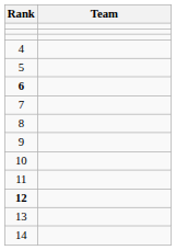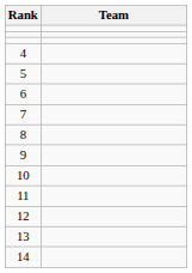 <table class="wikitable" style="text-align:center;">
 <tr>
 <th>Rank</th>
 <th width=175>Team</th>
 </tr>
 <tr>
 <td></td>
 <td align=left></td>
 </tr>
 <tr>
 <td></td>
 <td align=left></td>
 </tr>
 <tr>
 <td></td>
 <td align=left></td>
 </tr>
 <tr>
 <td>4</td>
 <td align=left></td>
 </tr>
 <tr>
 <td>5</td>
 <td align=left></td>
 </tr>
 <tr>
-<td><strong>6</strong></td>
+<td>6</td>
 <td align=left></td>
 </tr>
 <tr>
 <td>7</td>
 <td align=left></td>
 </tr>
 <tr>
 <td>8</td>
 <td align=left></td>
 </tr>
 <tr>
 <td>9</td>
 <td align=left></td>
 </tr>
 <tr>
 <td>10</td>
 <td align=left></td>
 </tr>
 <tr>
 <td>11</td>
 <td align=left></td>
 </tr>
 <tr>
-<td><strong>12</strong></td>
+<td>12</td>
 <td align=left></td>
 </tr>
 <tr>
 <td>13</td>
 <td align=left></td>
 </tr>
 <tr>
 <td>14</td>
 <td align=left></td>
 </tr>
 </table>
